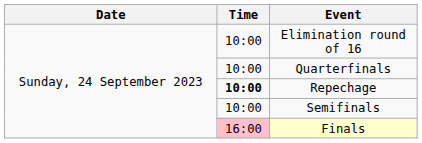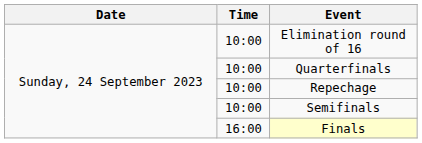 <table class = "wikitable" style="text-align:center;">
 <tr>
 <th width=220>Date</th>
 <th width=50>Time</th>
 <th width=150>Event</th>
 </tr>
 <tr>
 <td rowspan=5>Sunday, 24 September 2023</td>
 <td>10:00</td>
 <td>Elimination round of 16</td>
 </tr>
 <tr>
 <td>10:00</td>
 <td>Quarterfinals</td>
 </tr>
 <tr>
-<td><strong>10:00</strong></td>
+<td>10:00</td>
 <td>Repechage</td>
 </tr>
 <tr>
 <td>10:00</td>
 <td>Semifinals</td>
 </tr>
 <tr>
-<td style="background: pink;">16:00</td>
+<td>16:00</td>
 <td bgcolor=ffffcc>Finals</td>
 </tr>
 </table>
